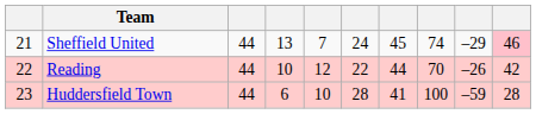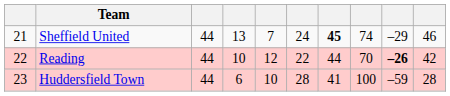 <table class="wikitable" style="text-align:center">
 <tr>
 <th width="30"></th>
 <th width="175">Team</th>
 <th width="30"></th>
 <th width="30"></th>
 <th width="30"></th>
 <th width="30"></th>
 <th width="30"></th>
 <th width="30"></th>
 <th width="30"></th>
 <th width="30"></th>
 </tr>
 <tr>
 <td>21</td>
 <td align=left><a href='#'>Sheffield United</a></td>
 <td>44</td>
 <td>13</td>
 <td>7</td>
 <td>24</td>
-<td>45</td>
+<td><strong>45</strong></td>
 <td>74</td>
 <td>–29</td>
-<td style="background: pink;">46</td>
+<td>46</td>
 </tr>
 <tr bgcolor="FFCCCC">
 <td>22</td>
 <td align=left><a href='#'>Reading</a></td>
 <td>44</td>
 <td>10</td>
 <td>12</td>
 <td>22</td>
 <td>44</td>
 <td>70</td>
-<td>–26</td>
+<td><strong>–26</strong></td>
 <td>42</td>
 </tr>
 <tr bgcolor="FFCCCC">
 <td>23</td>
 <td align=left><a href='#'>Huddersfield Town</a></td>
 <td>44</td>
 <td>6</td>
 <td>10</td>
 <td>28</td>
 <td>41</td>
 <td>100</td>
 <td>–59</td>
 <td>28</td>
 </tr>
 </table>
